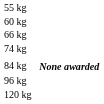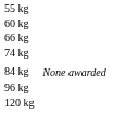 <table>
 <tr>
 <td rowspan=2>55 kg<br></td>
 <td rowspan=2></td>
 <td rowspan=2></td>
 <td></td>
 </tr>
 <tr>
 <td></td>
 </tr>
 <tr>
 <td rowspan=2>60 kg<br></td>
 <td rowspan=2></td>
 <td rowspan=2></td>
 <td></td>
 </tr>
 <tr>
 <td></td>
 </tr>
 <tr>
 <td rowspan=2>66 kg<br></td>
 <td rowspan=2></td>
 <td rowspan=2></td>
 <td></td>
 </tr>
 <tr>
 <td></td>
 </tr>
 <tr>
 <td rowspan=2>74 kg<br></td>
 <td rowspan=2></td>
 <td rowspan=2></td>
 <td></td>
 </tr>
 <tr>
 <td></td>
 </tr>
 <tr>
 </tr>
 <tr>
 <td rowspan=2>84 kg<br></td>
 <td rowspan=2></td>
 <td rowspan=2></td>
 <td></td>
 </tr>
 <tr>
-<td><strong><em>None awarded</em></strong></td>
+<td><em>None awarded</em></td>
 </tr>
 <tr>
 <td rowspan=2>96 kg<br></td>
 <td rowspan=2></td>
 <td rowspan=2></td>
 <td></td>
 </tr>
 <tr>
 <td></td>
 </tr>
 <tr>
 <td rowspan=2>120 kg<br></td>
 <td rowspan=2></td>
 <td rowspan=2></td>
 <td></td>
 </tr>
 <tr>
 <td></td>
 </tr>
 </table>
